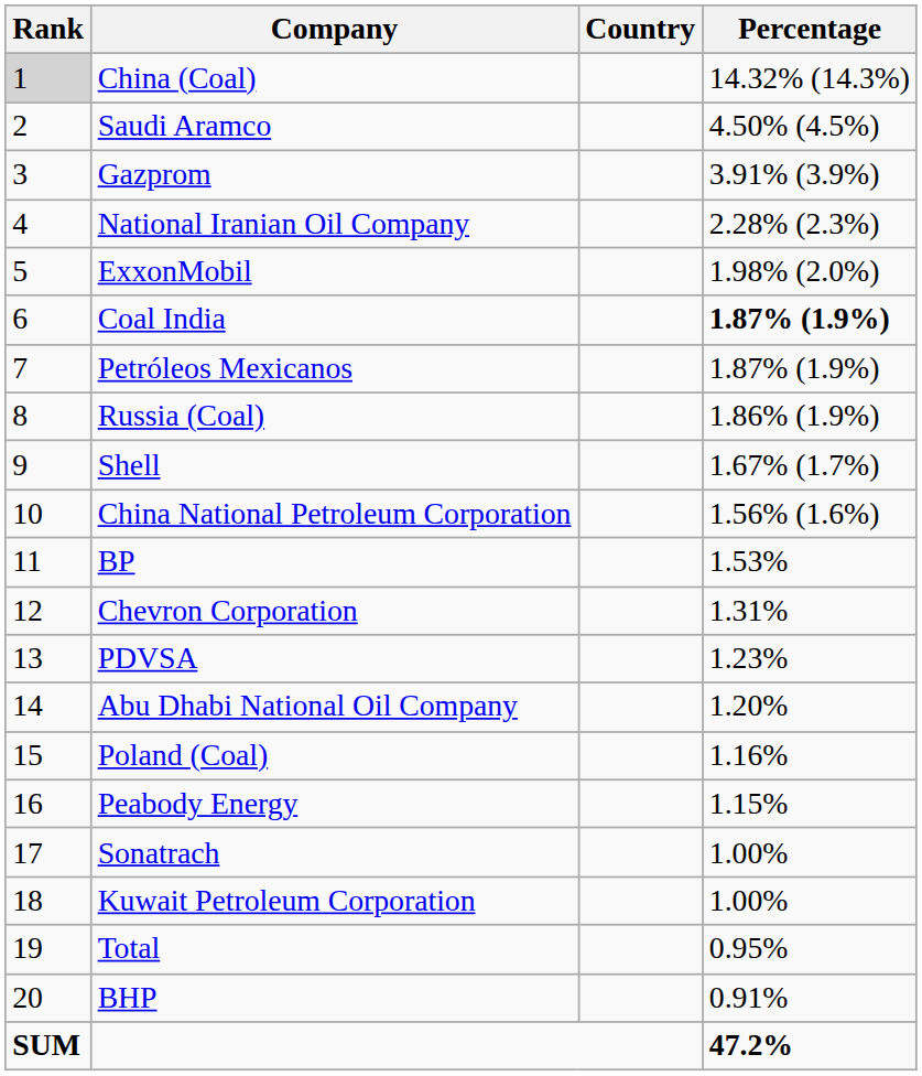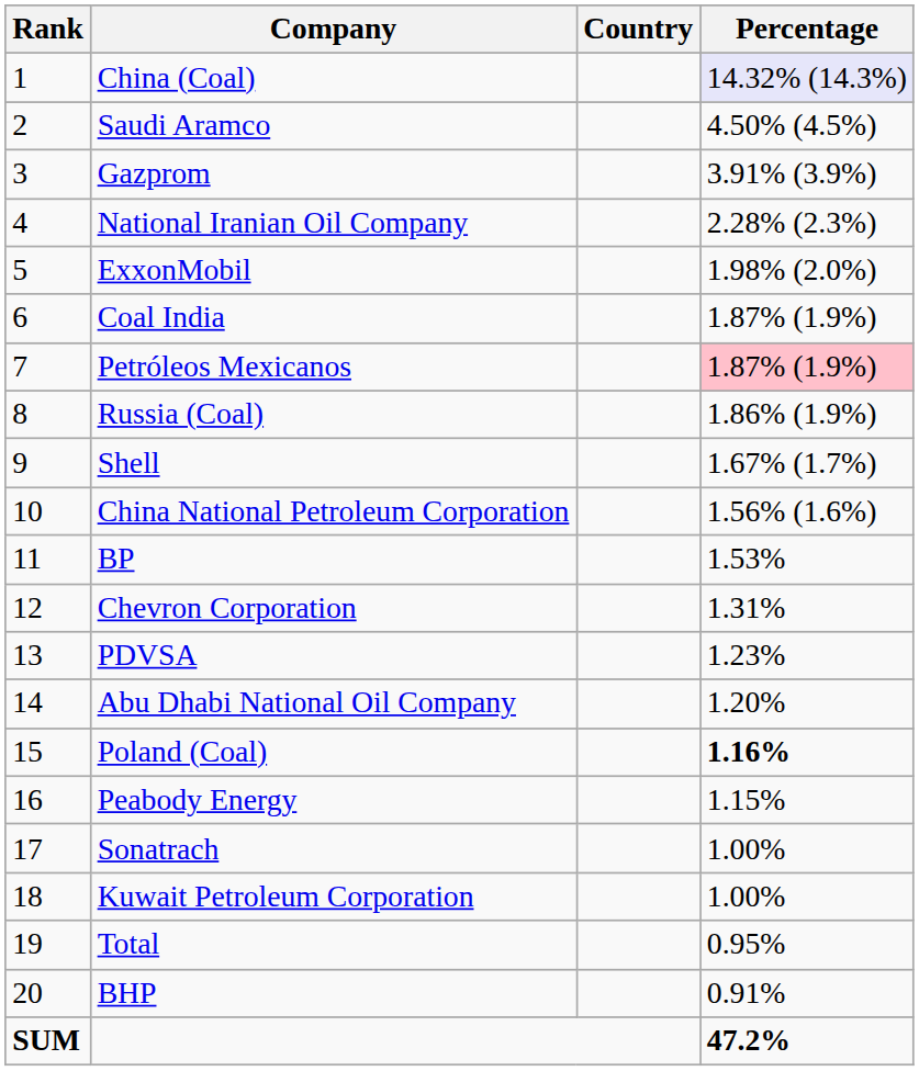 <table class="wikitable sortable">
 <tr>
 <th>Rank</th>
 <th>Company</th>
 <th>Country</th>
 <th>Percentage</th>
 </tr>
 <tr>
-<td style="background: lightgrey;">1</td>
+<td>1</td>
 <td><a href='#'>China (Coal)</a></td>
 <td></td>
-<td>14.32% (14.3%)</td>
+<td style="background: lavender;">14.32% (14.3%)</td>
 </tr>
 <tr>
 <td>2</td>
 <td><a href='#'>Saudi Aramco</a></td>
 <td></td>
 <td>4.50% (4.5%)</td>
 </tr>
 <tr>
 <td>3</td>
 <td><a href='#'>Gazprom</a></td>
 <td></td>
 <td>3.91% (3.9%)</td>
 </tr>
 <tr>
 <td>4</td>
 <td><a href='#'>National Iranian Oil Company</a></td>
 <td></td>
 <td>2.28% (2.3%)</td>
 </tr>
 <tr>
 <td>5</td>
 <td><a href='#'>ExxonMobil</a></td>
 <td></td>
 <td>1.98% (2.0%)</td>
 </tr>
 <tr>
 <td>6</td>
 <td><a href='#'>Coal India</a></td>
 <td></td>
-<td><strong>1.87% (1.9%)</strong></td>
+<td>1.87% (1.9%)</td>
 </tr>
 <tr>
 <td>7</td>
 <td><a href='#'>Petróleos Mexicanos</a></td>
 <td></td>
-<td>1.87% (1.9%)</td>
+<td style="background: pink;">1.87% (1.9%)</td>
 </tr>
 <tr>
 <td>8</td>
 <td><a href='#'>Russia (Coal)</a></td>
 <td></td>
 <td>1.86% (1.9%)</td>
 </tr>
 <tr>
 <td>9</td>
 <td><a href='#'>Shell</a></td>
 <td></td>
 <td>1.67% (1.7%)</td>
 </tr>
 <tr>
 <td>10</td>
 <td><a href='#'>China National Petroleum Corporation</a></td>
 <td></td>
 <td>1.56% (1.6%)</td>
 </tr>
 <tr>
 <td>11</td>
 <td><a href='#'>BP</a></td>
 <td></td>
 <td>1.53%</td>
 </tr>
 <tr>
 <td>12</td>
 <td><a href='#'>Chevron Corporation</a></td>
 <td></td>
 <td>1.31%</td>
 </tr>
 <tr>
 <td>13</td>
 <td><a href='#'>PDVSA</a></td>
 <td></td>
 <td>1.23%</td>
 </tr>
 <tr>
 <td>14</td>
 <td><a href='#'>Abu Dhabi National Oil Company</a></td>
 <td></td>
 <td>1.20%</td>
 </tr>
 <tr>
 <td>15</td>
 <td><a href='#'>Poland (Coal)</a></td>
 <td></td>
-<td>1.16%</td>
+<td><strong>1.16%</strong></td>
 </tr>
 <tr>
 <td>16</td>
 <td><a href='#'>Peabody Energy</a></td>
 <td></td>
 <td>1.15%</td>
 </tr>
 <tr>
 <td>17</td>
 <td><a href='#'>Sonatrach</a></td>
 <td></td>
 <td>1.00%</td>
 </tr>
 <tr>
 <td>18</td>
 <td><a href='#'>Kuwait Petroleum Corporation</a></td>
 <td></td>
 <td>1.00%</td>
 </tr>
 <tr>
 <td>19</td>
 <td><a href='#'>Total</a></td>
 <td></td>
 <td>0.95%</td>
 </tr>
 <tr>
 <td>20</td>
 <td><a href='#'>BHP</a></td>
 <td></td>
 <td>0.91%</td>
 </tr>
 <tr>
 <td><strong>SUM</strong></td>
 <td colspan="2"></td>
 <td><strong>47.2%</strong></td>
 </tr>
 </table>
